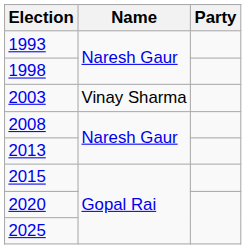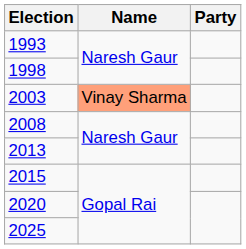 <table class="wikitable sortable">
 <tr>
 <th>Election</th>
 <th>Name</th>
 <th colspan=2>Party</th>
 </tr>
 <tr>
 <td><a href='#'>1993</a></td>
 <td rowspan="2"><a href='#'>Naresh Gaur</a></td>
 <td></td>
 </tr>
 <tr>
 <td><a href='#'>1998</a></td>
 </tr>
 <tr>
 <td><a href='#'>2003</a></td>
-<td>Vinay Sharma</td>
+<td style="background: lightsalmon;">Vinay Sharma</td>
 <td></td>
 </tr>
 <tr>
 <td><a href='#'>2008</a></td>
 <td rowspan="2"><a href='#'>Naresh Gaur</a></td>
 <td></td>
 </tr>
 <tr>
 <td><a href='#'>2013</a></td>
 </tr>
 <tr>
 <td><a href='#'>2015</a></td>
 <td rowspan="3"><a href='#'>Gopal Rai</a></td>
 <td></td>
 </tr>
 <tr>
 <td><a href='#'>2020</a></td>
 </tr>
 <tr>
 <td><a href='#'>2025</a></td>
 </tr>
 </table>
